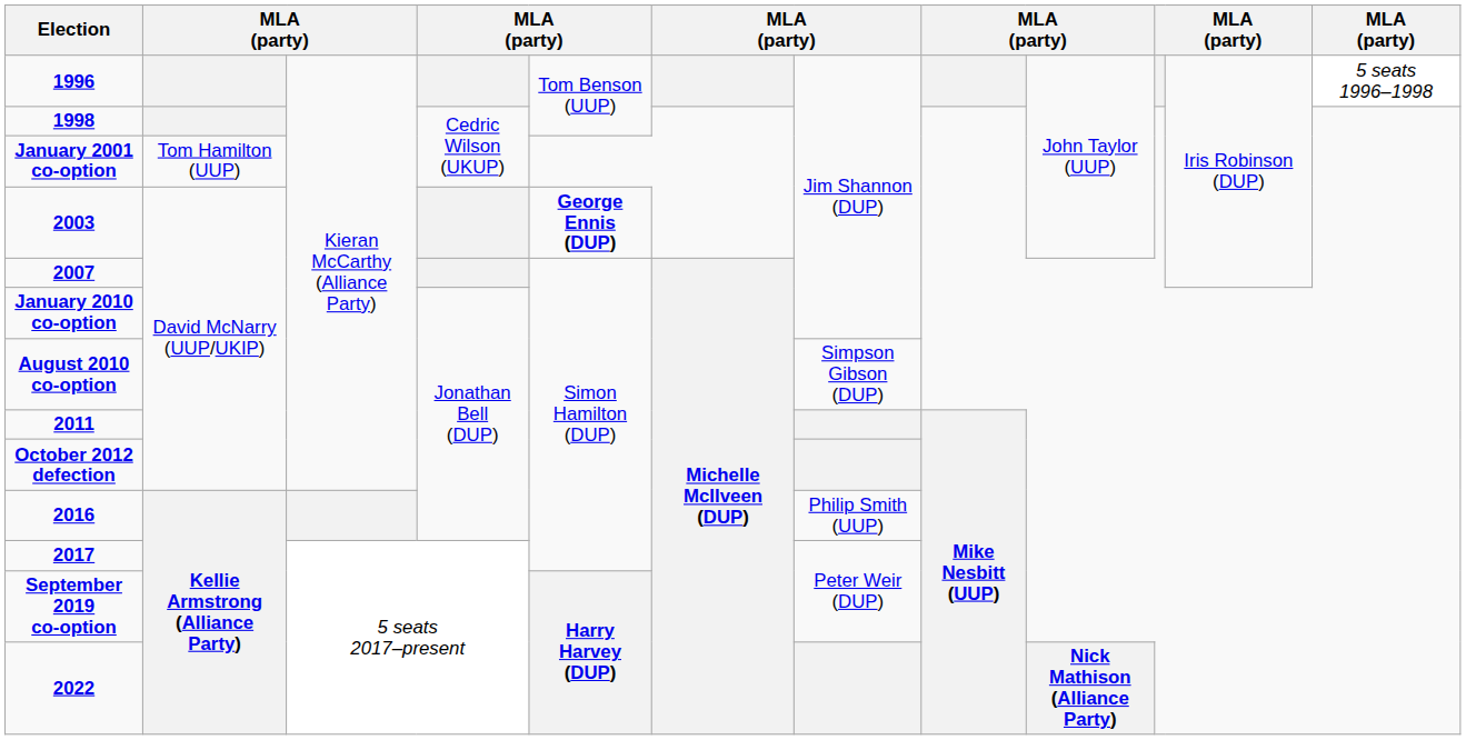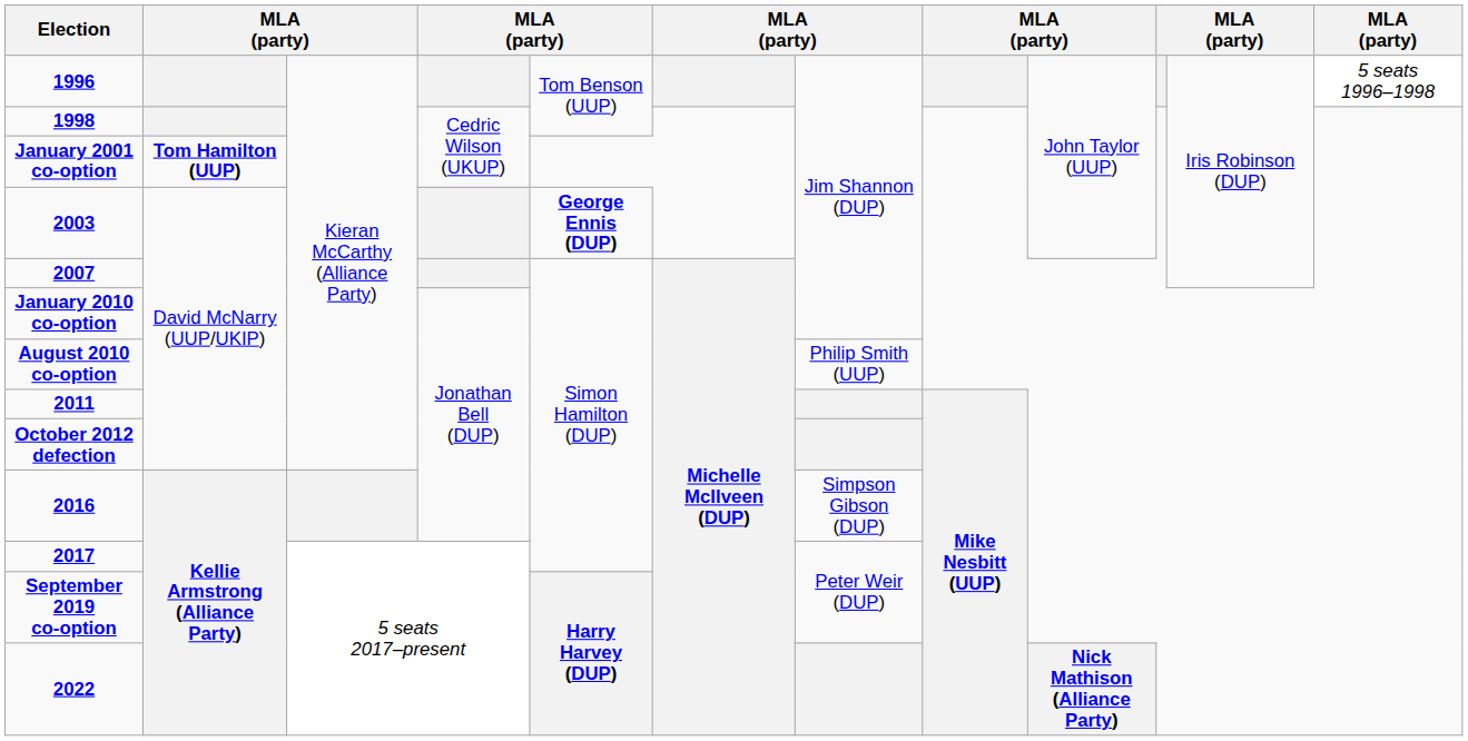 <table class="wikitable" style="text-align:center">
 <tr>
 <th>Election</th>
 <th scope="col" width="150" colspan = "2">MLA<br> (party)</th>
 <th scope="col" width="150" colspan = "2">MLA<br> (party)</th>
 <th scope="col" width="150" colspan = "2">MLA<br> (party)</th>
 <th scope="col" width="150" colspan = "2">MLA<br> (party)</th>
 <th scope="col" width="150" colspan = "2">MLA<br> (party)</th>
 <th scope="col" width="150" colspan = "2">MLA<br> (party)</th>
 </tr>
 <tr>
 <td><strong><a href='#'>1996</a></strong></td>
 <th style="background-color: "></th>
 <td rowspan=9><a href='#'>Kieran McCarthy</a><br>(<a href='#'>Alliance Party</a>)</td>
 <th style="background-color: "></th>
 <td rowspan=2><a href='#'>Tom Benson</a><br>(<a href='#'>UUP</a>)</td>
 <th style="background-color: "></th>
 <td rowspan=6><a href='#'>Jim Shannon</a><br>(<a href='#'>DUP</a>)</td>
 <th style="background-color: "></th>
 <td rowspan=4><a href='#'>John Taylor</a><br>(<a href='#'>UUP</a>)</td>
 <th style="background-color: "></th>
 <td rowspan=5><a href='#'>Iris Robinson</a><br>(<a href='#'>DUP</a>)</td>
 <td style="background-color:#FFFFFF" colspan=2><em>5 seats<br>1996–1998</em></td>
 </tr>
 <tr>
 <td><strong><a href='#'>1998</a></strong></td>
 <th style="background-color: "></th>
 <td rowspan=2><a href='#'>Cedric Wilson</a><br>(<a href='#'>UKUP</a>)</td>
 </tr>
 <tr>
 <td><strong><a href='#'>January 2001<br>co-option</a></strong></td>
-<td><a href='#'>Tom Hamilton</a><br>(<a href='#'>UUP</a>)</td>
+<td><strong><a href='#'>Tom Hamilton</a><br>(<a href='#'>UUP</a>)</strong></td>
 </tr>
 <tr>
 <td><strong><a href='#'>2003</a></strong></td>
 <td rowspan=6><a href='#'>David McNarry</a><br>(<a href='#'>UUP</a>/<a href='#'>UKIP</a>)</td>
 <th style="background-color: "></th>
 <td><strong><a href='#'>George Ennis</a><br>(<a href='#'>DUP</a>)</strong></td>
 </tr>
 <tr>
 <td><strong><a href='#'>2007</a></strong></td>
 <th style="background-color: "></th>
 <td rowspan=7><a href='#'>Simon Hamilton</a><br>(<a href='#'>DUP</a>)</td>
 <th rowspan=9><a href='#'>Michelle McIlveen</a><br>(<a href='#'>DUP</a>)</th>
 </tr>
 <tr>
 <td><strong><a href='#'>January 2010<br>co-option</a></strong></td>
 <td rowspan=5><a href='#'>Jonathan Bell</a><br>(<a href='#'>DUP</a>)</td>
 </tr>
 <tr>
 <td><strong><a href='#'>August 2010<br>co-option</a></strong></td>
-<td><a href='#'>Simpson Gibson</a><br>(<a href='#'>DUP</a>)</td>
+<td><a href='#'>Philip Smith</a><br>(<a href='#'>UUP</a>)</td>
 </tr>
 <tr>
 <td><strong><a href='#'>2011</a></strong></td>
 <th style="background-color: "></th>
 <th rowspan=6><a href='#'>Mike Nesbitt</a><br>(<a href='#'>UUP</a>)</th>
 </tr>
 <tr>
 <td><strong><a href='#'>October 2012<br>defection</a></strong></td>
 <th style="background-color: "></th>
 </tr>
 <tr>
 <td><strong><a href='#'>2016</a></strong></td>
 <th rowspan=4><a href='#'>Kellie Armstrong</a><br>(<a href='#'>Alliance Party</a>)</th>
 <th style="background-color: "></th>
-<td><a href='#'>Philip Smith</a><br>(<a href='#'>UUP</a>)</td>
+<td><a href='#'>Simpson Gibson</a><br>(<a href='#'>DUP</a>)</td>
 </tr>
 <tr>
 <td><strong><a href='#'>2017</a></strong></td>
 <td style="background-color:#FFFFFF" rowspan=3 colspan=2><em>5 seats<br>2017–present</em></td>
 <td rowspan=2><a href='#'>Peter Weir</a><br>(<a href='#'>DUP</a>)</td>
 </tr>
 <tr>
 <td><strong><a href='#'>September 2019<br>co-option</a></strong></td>
 <th rowspan=2><a href='#'>Harry Harvey</a><br>(<a href='#'>DUP</a>)</th>
 </tr>
 <tr>
 <td><strong><a href='#'>2022</a></strong></td>
 <th style="background-color: "></th>
 <th><a href='#'>Nick Mathison</a><br>(<a href='#'>Alliance Party</a>)</th>
 </tr>
 </table>
